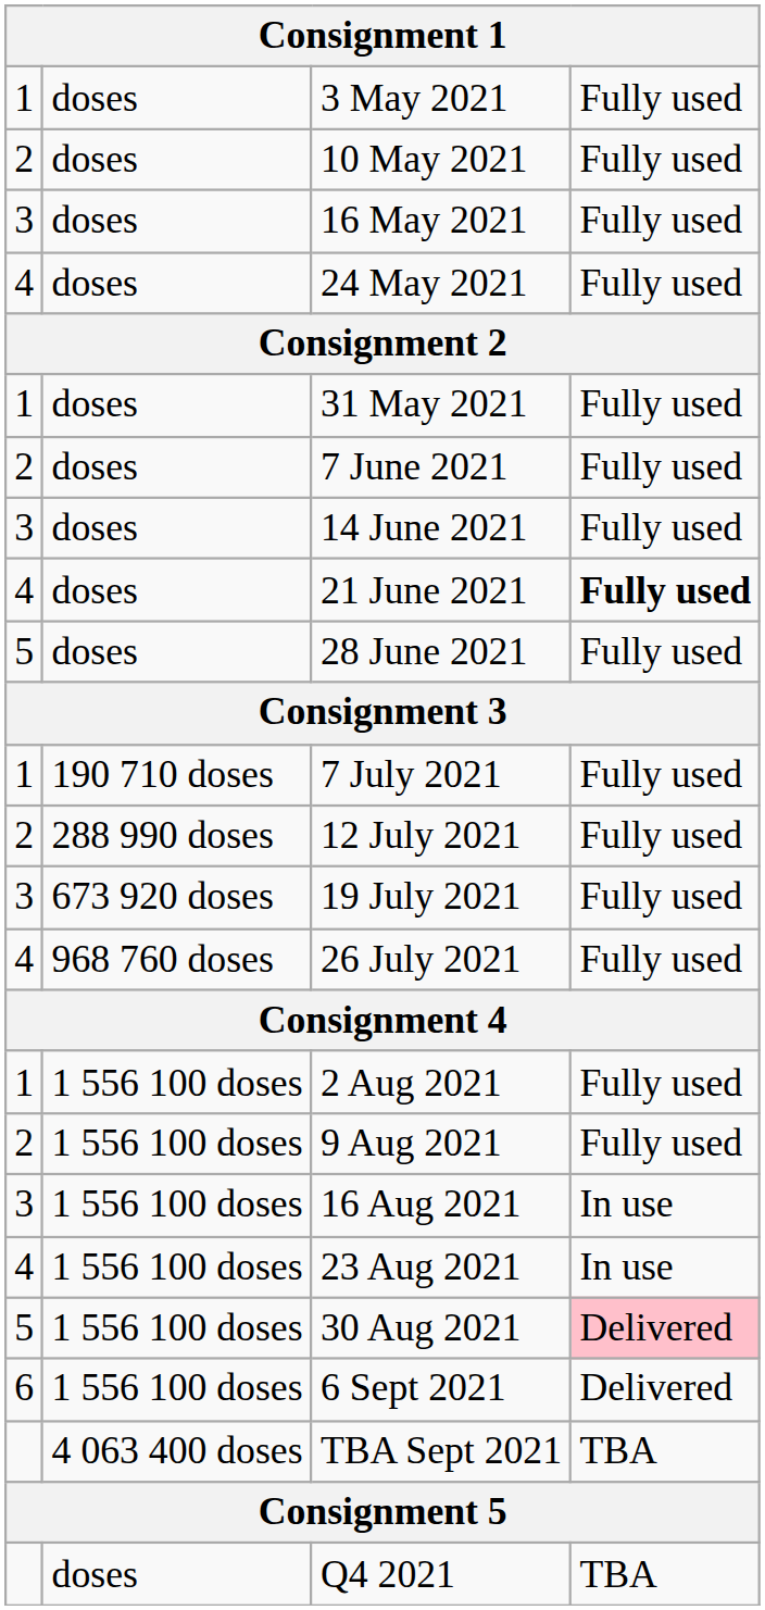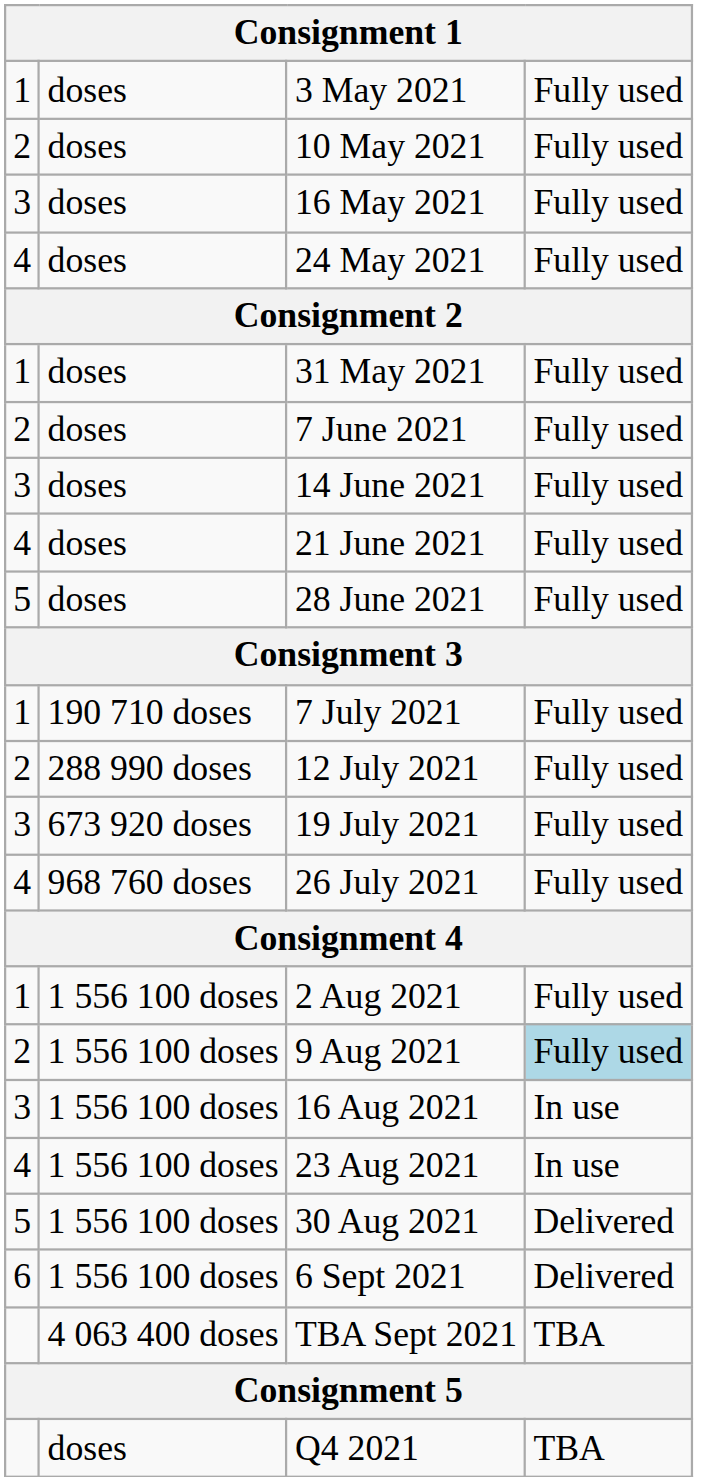 <table class="wikitable">
 <tr>
 <th colspan="4">Consignment 1</th>
 </tr>
 <tr>
 <td>1</td>
 <td> doses</td>
 <td>3 May 2021</td>
 <td>Fully used</td>
 </tr>
 <tr>
 <td>2</td>
 <td> doses</td>
 <td>10 May 2021</td>
 <td>Fully used</td>
 </tr>
 <tr>
 <td>3</td>
 <td> doses</td>
 <td>16 May 2021</td>
 <td>Fully used</td>
 </tr>
 <tr>
 <td>4</td>
 <td> doses</td>
 <td>24 May 2021</td>
 <td>Fully used</td>
 </tr>
 <tr>
 <th colspan="4">Consignment 2</th>
 </tr>
 <tr>
 <td>1</td>
 <td> doses</td>
 <td>31 May 2021</td>
 <td>Fully used</td>
 </tr>
 <tr>
 <td>2</td>
 <td> doses</td>
 <td>7 June 2021</td>
 <td>Fully used</td>
 </tr>
 <tr>
 <td>3</td>
 <td> doses</td>
 <td>14 June 2021</td>
 <td>Fully used</td>
 </tr>
 <tr>
 <td>4</td>
 <td> doses</td>
 <td>21 June 2021</td>
-<td><strong>Fully used</strong></td>
+<td>Fully used</td>
 </tr>
 <tr>
 <td>5</td>
 <td> doses</td>
 <td>28 June 2021</td>
 <td>Fully used</td>
 </tr>
 <tr>
 <th colspan="4">Consignment 3</th>
 </tr>
 <tr>
 <td>1</td>
 <td>190 710 doses</td>
 <td>7 July 2021</td>
 <td>Fully used</td>
 </tr>
 <tr>
 <td>2</td>
 <td>288 990 doses</td>
 <td>12 July 2021</td>
 <td>Fully used</td>
 </tr>
 <tr>
 <td>3</td>
 <td>673 920 doses</td>
 <td>19 July 2021</td>
 <td>Fully used</td>
 </tr>
 <tr>
 <td>4</td>
 <td>968 760 doses</td>
 <td>26 July 2021</td>
 <td>Fully used</td>
 </tr>
 <tr>
 <th colspan="4">Consignment 4</th>
 </tr>
 <tr>
 <td>1</td>
 <td>1 556 100 doses</td>
 <td>2 Aug 2021</td>
 <td>Fully used</td>
 </tr>
 <tr>
 <td>2</td>
 <td>1 556 100 doses</td>
 <td>9 Aug 2021</td>
-<td>Fully used</td>
+<td style="background: lightblue;">Fully used</td>
 </tr>
 <tr>
 <td>3</td>
 <td>1 556 100 doses</td>
 <td>16 Aug 2021</td>
 <td>In use</td>
 </tr>
 <tr>
 <td>4</td>
 <td>1 556 100 doses</td>
 <td>23 Aug 2021</td>
 <td>In use</td>
 </tr>
 <tr>
 <td>5</td>
 <td>1 556 100 doses</td>
 <td>30 Aug 2021</td>
-<td style="background: pink;">Delivered</td>
+<td>Delivered</td>
 </tr>
 <tr>
 <td>6</td>
 <td>1 556 100 doses</td>
 <td>6 Sept 2021</td>
 <td>Delivered</td>
 </tr>
 <tr>
 <td></td>
 <td>4 063 400 doses</td>
 <td>TBA Sept 2021</td>
 <td>TBA</td>
 </tr>
 <tr>
 <th colspan="4">Consignment 5</th>
 </tr>
 <tr>
 <td></td>
 <td> doses</td>
 <td>Q4 2021</td>
 <td>TBA</td>
 </tr>
 <tr>
 </tr>
 </table>
